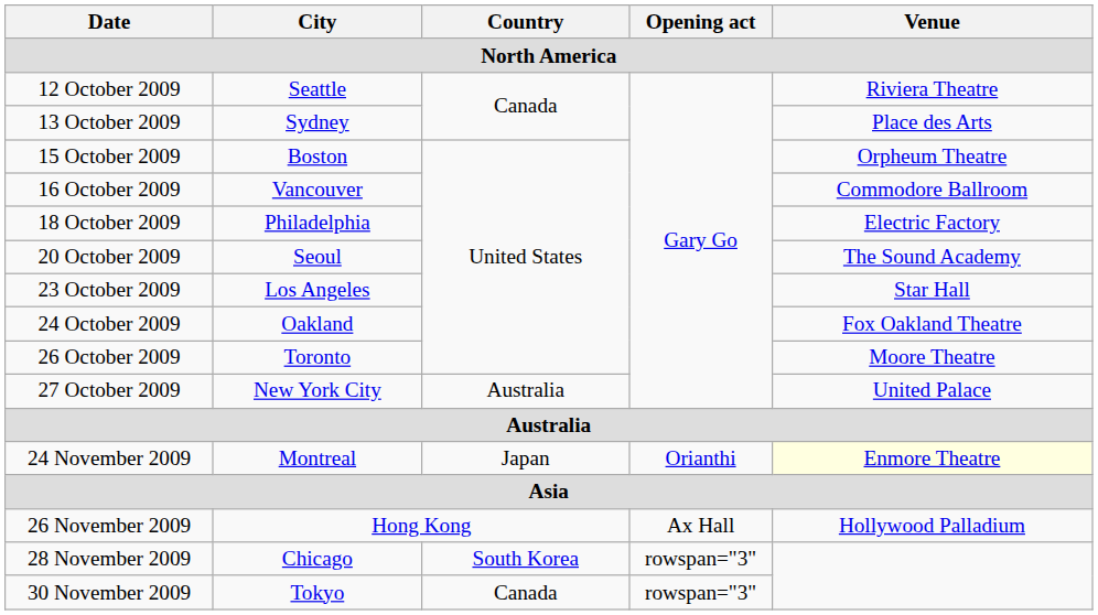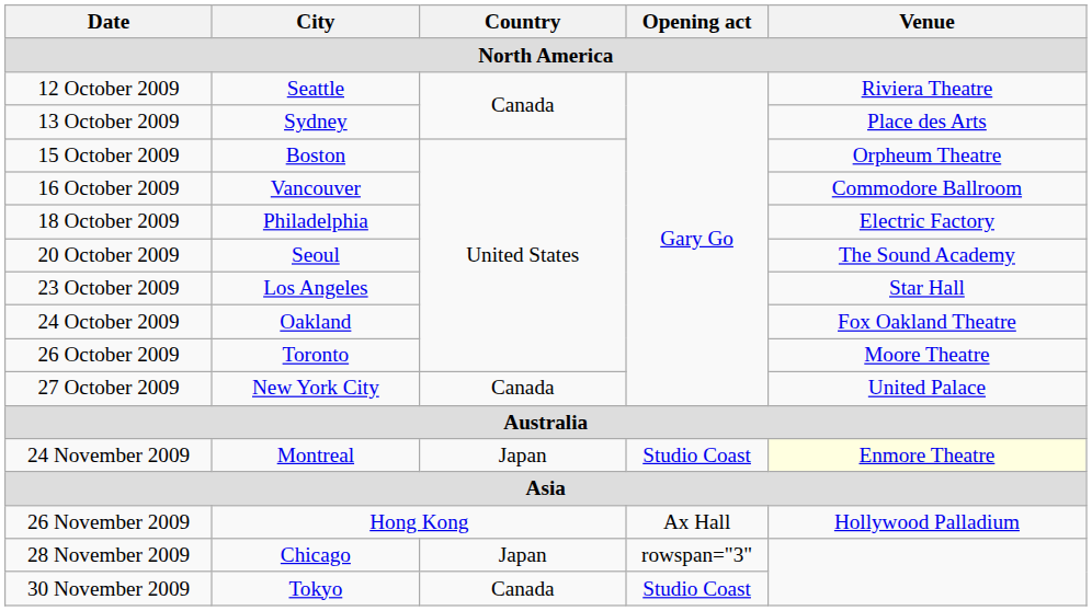 <table class="wikitable" style="text-align:center;">
 <tr>
 <th width="150">Date</th>
 <th width="150">City</th>
 <th width="150">Country</th>
 <th width="100">Opening act</th>
 <th width="235">Venue</th>
 </tr>
 <tr bgcolor="#DDDDDD">
 <td colspan=5><strong>North America</strong></td>
 </tr>
 <tr>
 <td>12 October 2009</td>
 <td><a href='#'>Seattle</a></td>
 <td rowspan="2">Canada</td>
 <td rowspan="10"><a href='#'>Gary Go</a></td>
 <td><a href='#'>Riviera Theatre</a></td>
 </tr>
 <tr>
 <td>13 October 2009</td>
 <td><a href='#'>Sydney</a></td>
 <td><a href='#'>Place des Arts</a></td>
 </tr>
 <tr>
 <td>15 October 2009</td>
 <td><a href='#'>Boston</a></td>
 <td rowspan="7">United States</td>
 <td><a href='#'>Orpheum Theatre</a></td>
 </tr>
 <tr>
 <td>16 October 2009</td>
 <td><a href='#'>Vancouver</a></td>
 <td><a href='#'>Commodore Ballroom</a></td>
 </tr>
 <tr>
 <td>18 October 2009</td>
 <td><a href='#'>Philadelphia</a></td>
 <td><a href='#'>Electric Factory</a></td>
 </tr>
 <tr>
 <td>20 October 2009</td>
 <td><a href='#'>Seoul</a></td>
 <td><a href='#'>The Sound Academy</a></td>
 </tr>
 <tr>
 <td>23 October 2009</td>
 <td><a href='#'>Los Angeles</a></td>
 <td><a href='#'>Star Hall</a></td>
 </tr>
 <tr>
 <td>24 October 2009</td>
 <td><a href='#'>Oakland</a></td>
 <td><a href='#'>Fox Oakland Theatre</a></td>
 </tr>
 <tr>
 <td>26 October 2009</td>
 <td><a href='#'>Toronto</a></td>
 <td><a href='#'>Moore Theatre</a></td>
 </tr>
 <tr>
 <td>27 October 2009</td>
 <td><a href='#'>New York City</a></td>
-<td>Australia</td>
+<td>Canada</td>
 <td><a href='#'>United Palace</a></td>
 </tr>
 <tr bgcolor="#DDDDDD">
 <td colspan=5><strong>Australia</strong></td>
 </tr>
 <tr>
 <td>24 November 2009</td>
 <td><a href='#'>Montreal</a></td>
 <td>Japan</td>
-<td><a href='#'>Orianthi</a></td>
+<td><a href='#'>Studio Coast</a></td>
 <td style="background: lightyellow;"><a href='#'>Enmore Theatre</a></td>
 </tr>
 <tr bgcolor="#DDDDDD">
 <td colspan=5><strong>Asia</strong></td>
 </tr>
 <tr>
 <td>26 November 2009</td>
 <td colspan=2><a href='#'>Hong Kong</a></td>
 <td>Ax Hall</td>
 <td><a href='#'>Hollywood Palladium</a></td>
 </tr>
 <tr>
 <td>28 November 2009</td>
 <td><a href='#'>Chicago</a></td>
-<td><a href='#'>South Korea</a></td>
+<td>Japan</td>
 <td>rowspan="3" </td>
 </tr>
 <tr>
 <td>30 November 2009</td>
 <td><a href='#'>Tokyo</a></td>
 <td>Canada</td>
-<td>rowspan="3" </td>
+<td><a href='#'>Studio Coast</a></td>
 </tr>
 </table>
